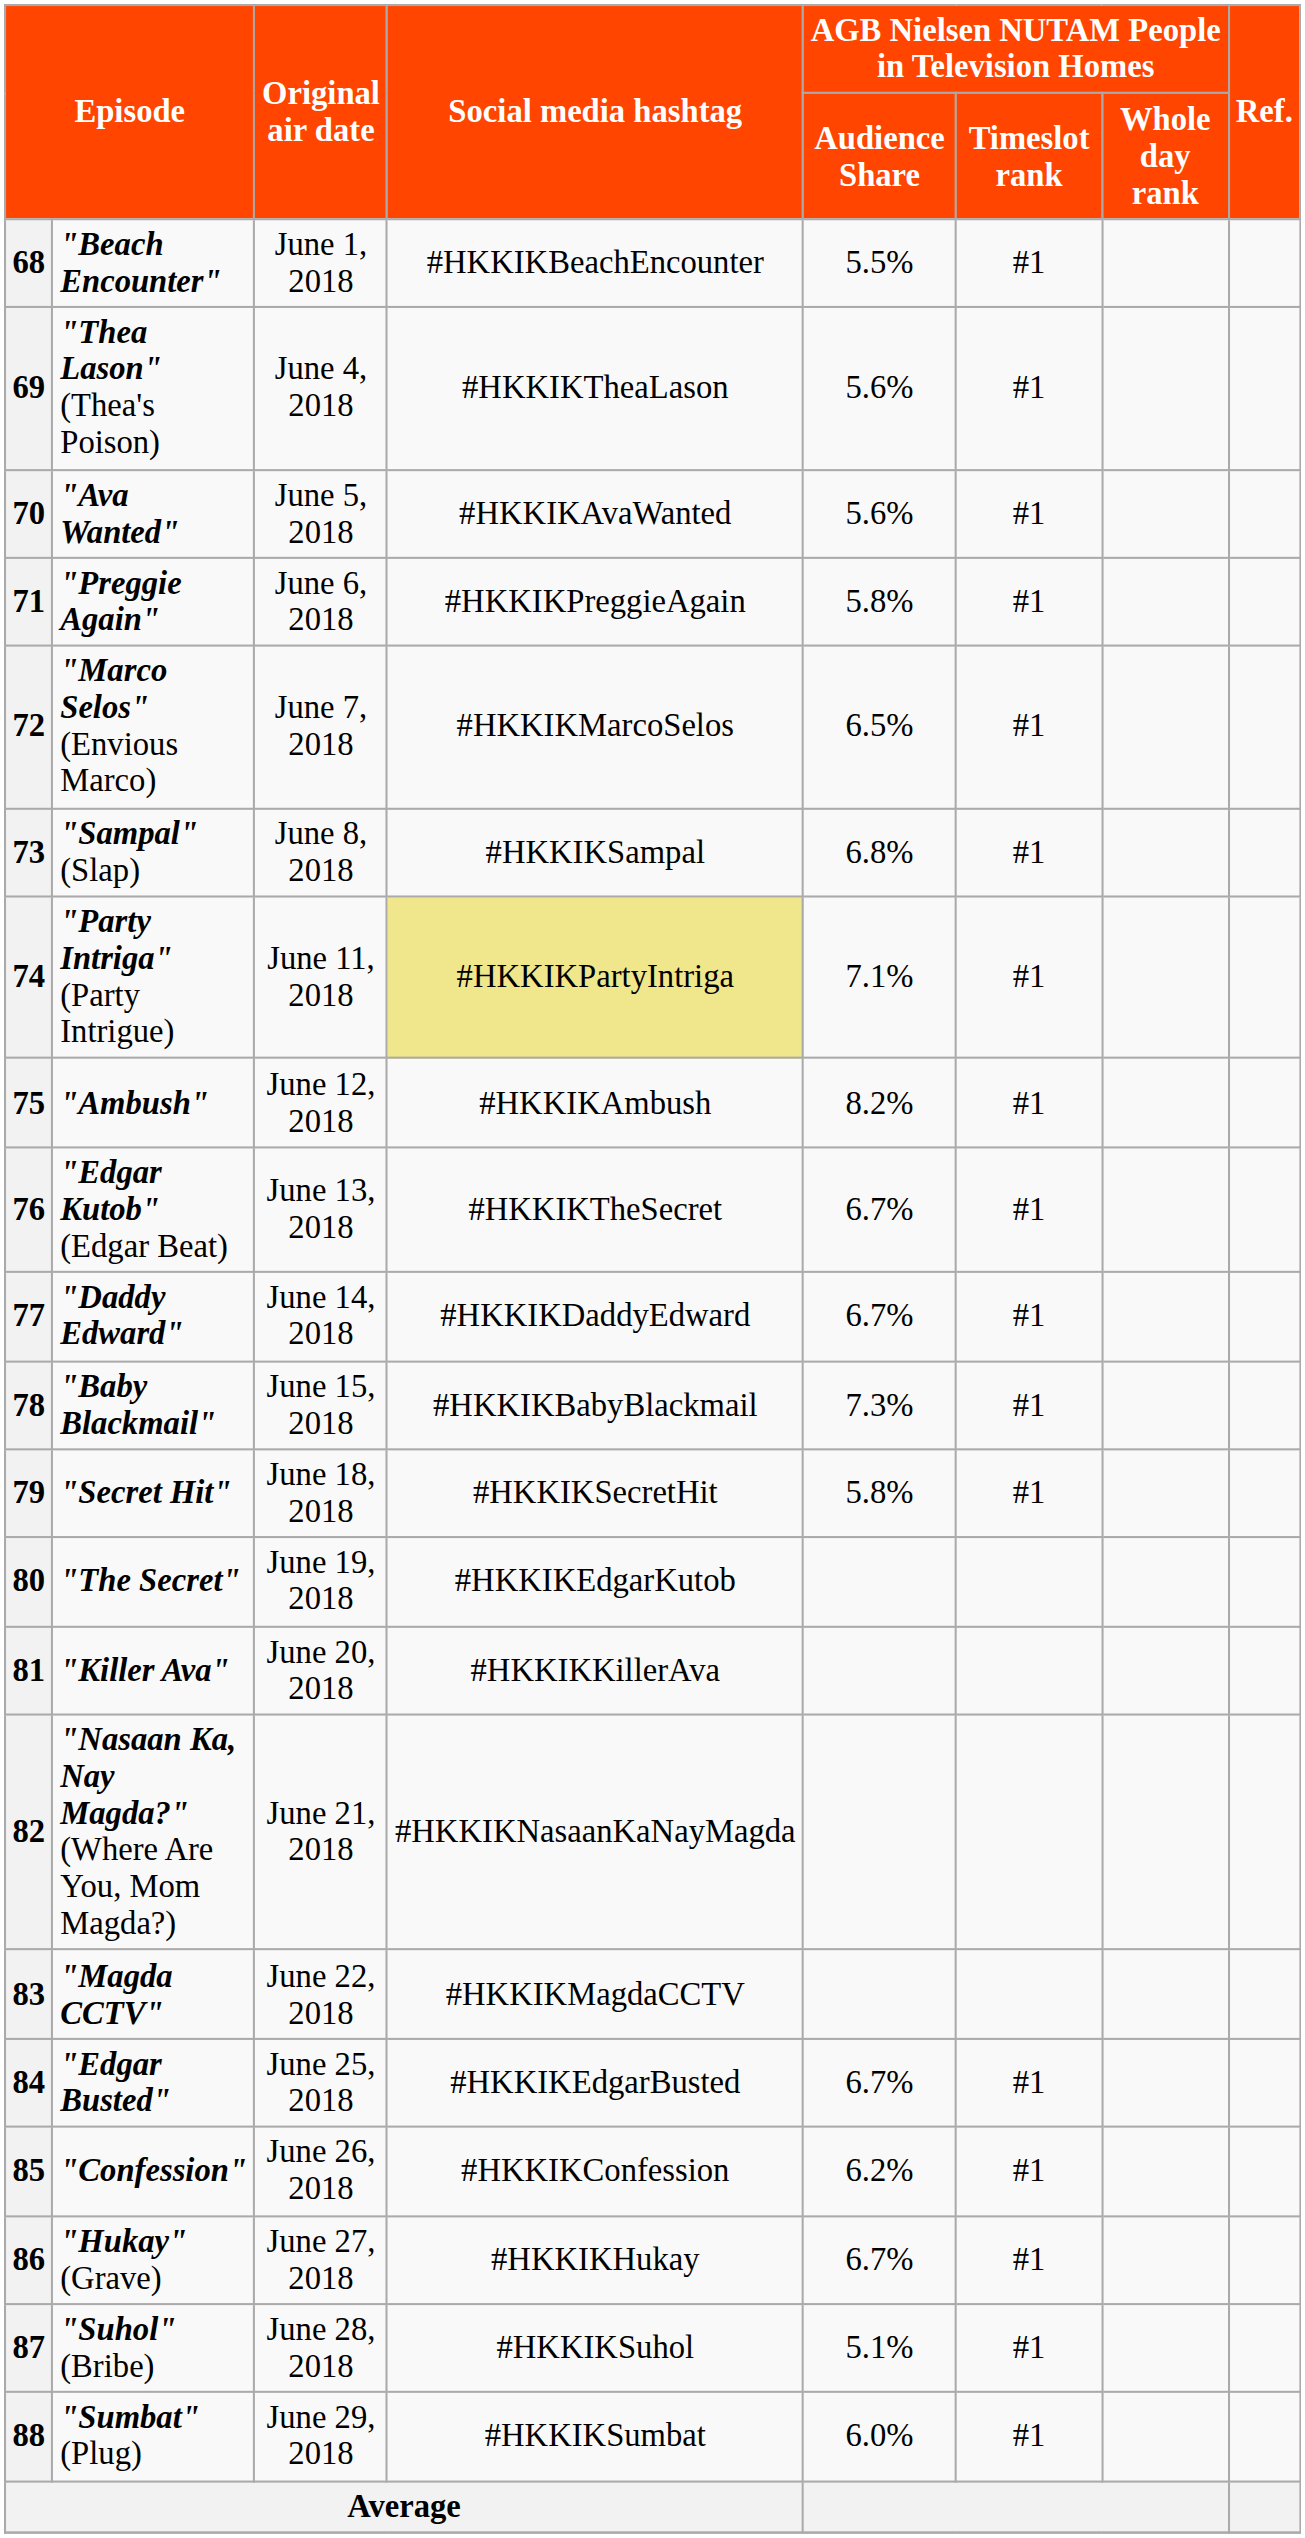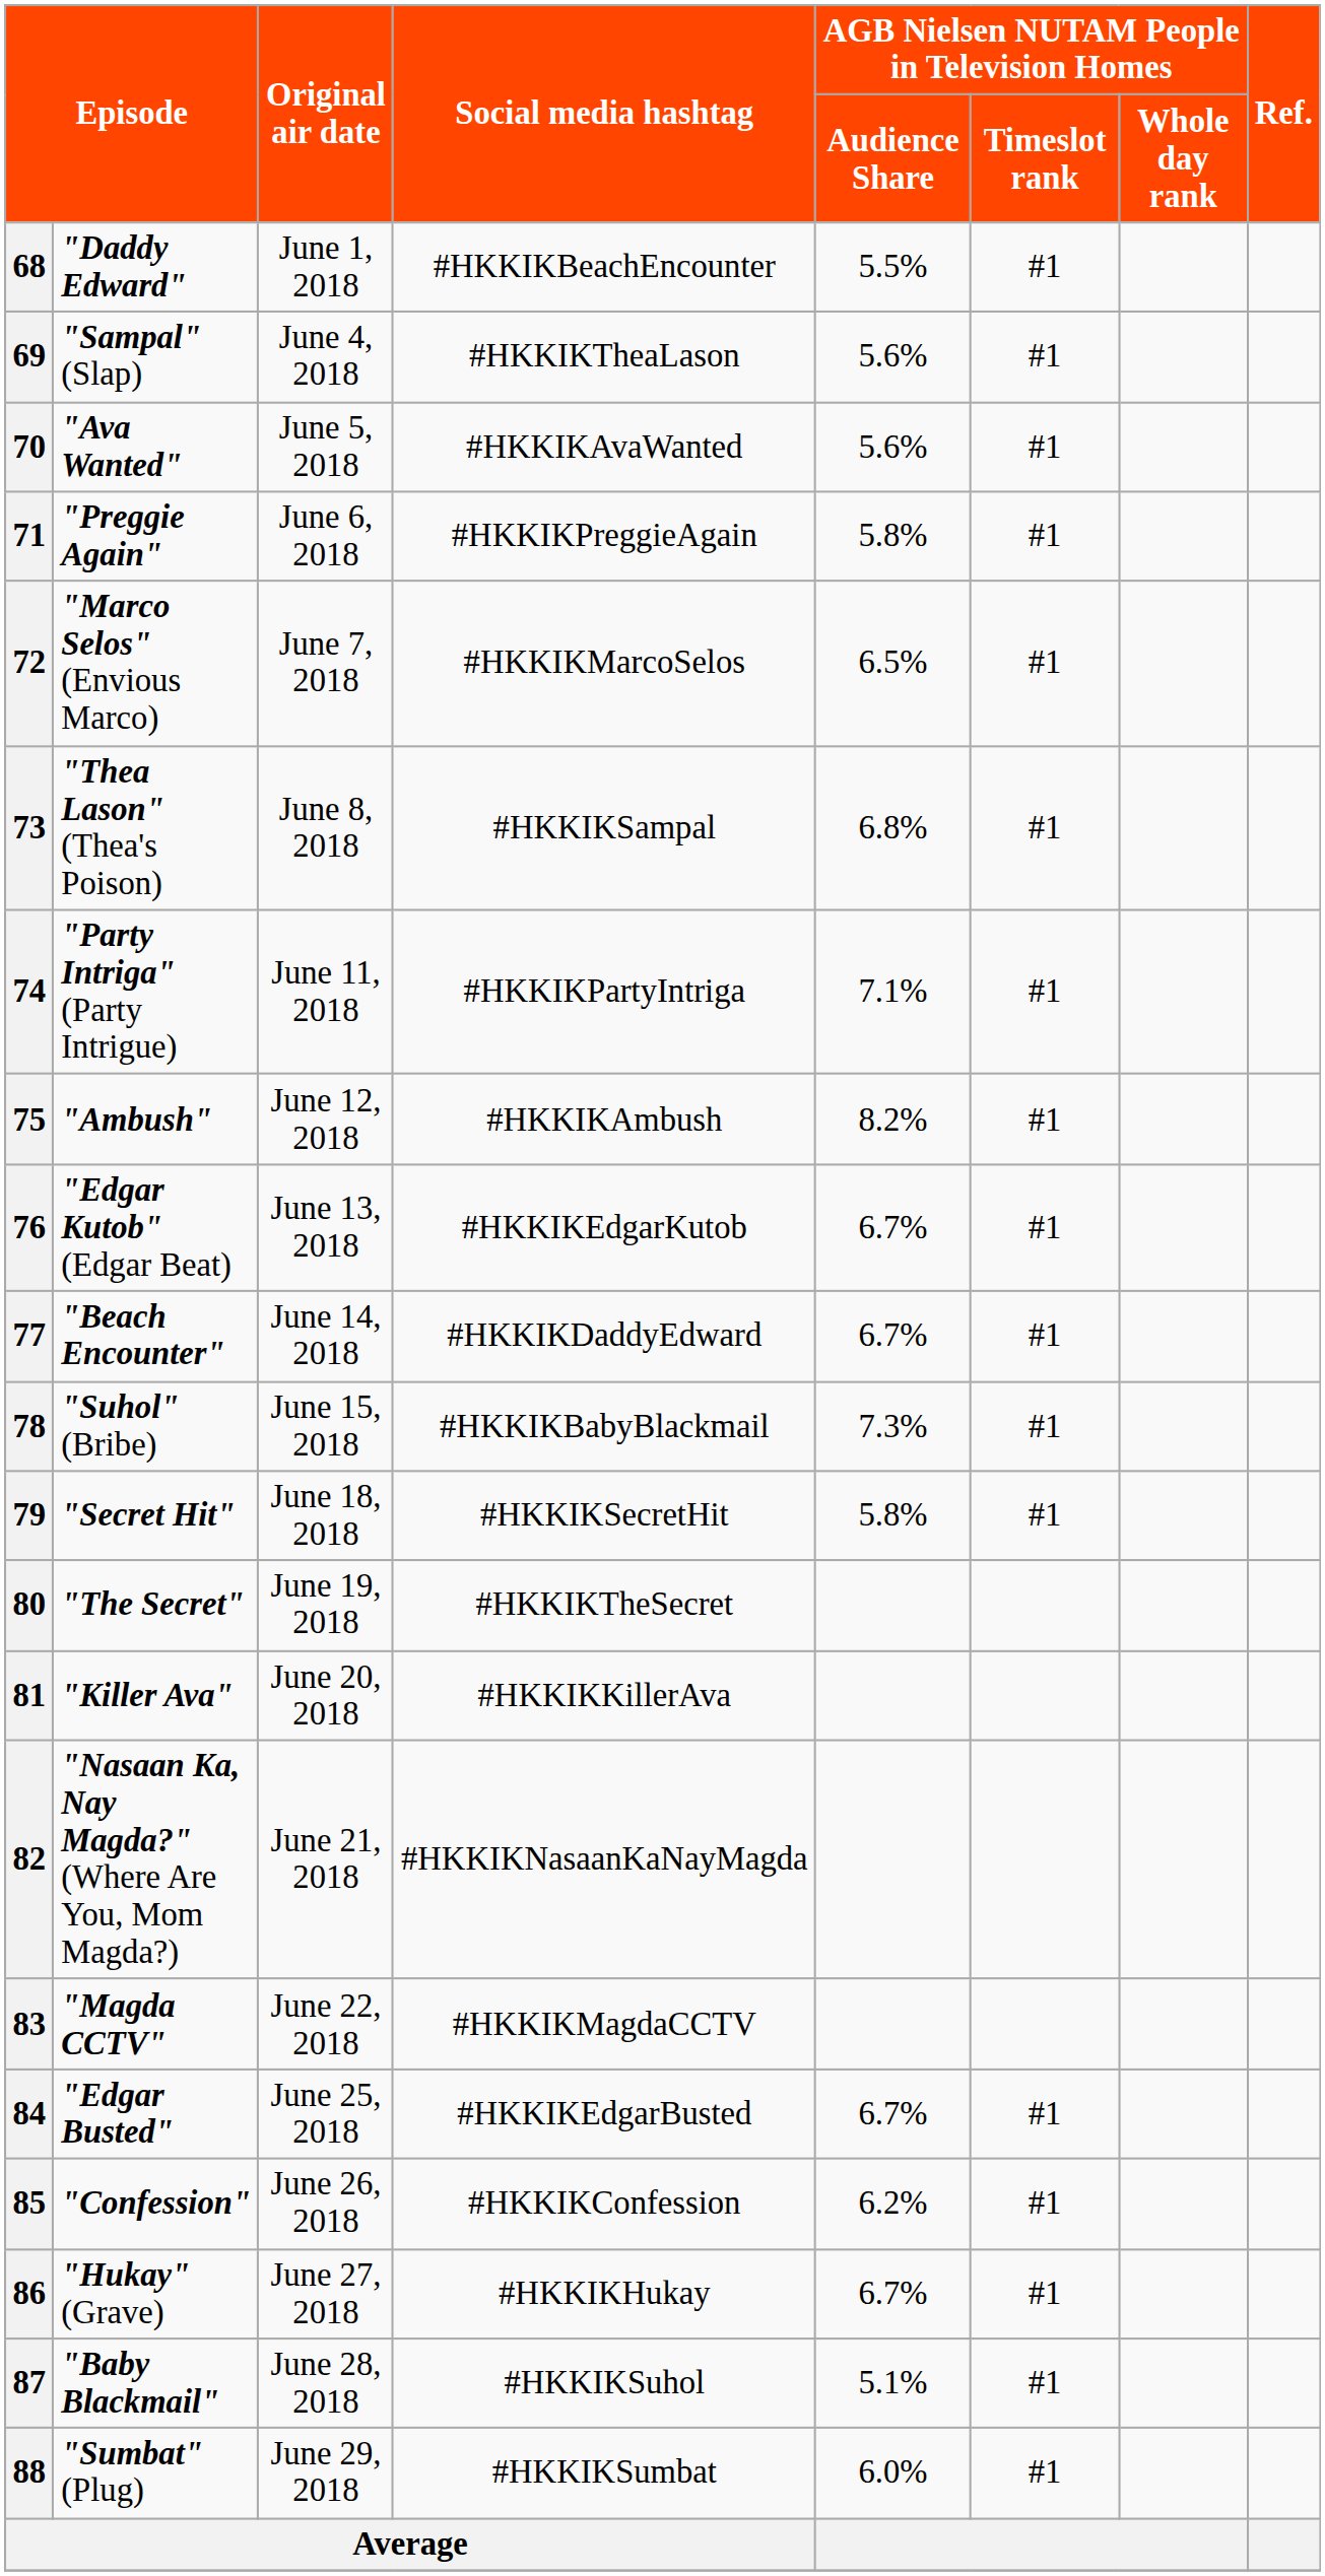 <table class="wikitable" style="text-align:center; font-size:100%; line-height:18px;" width="100%">
 <tr>
 <th style="background-color:#FF4500; color:#ffffff;" colspan="2" rowspan="2">Episode</th>
 <th style="background-color:#FF4500; color:white" rowspan="2">Original air date</th>
 <th style="background-color:#FF4500; color:white" rowspan="2">Social media hashtag</th>
 <th style="background-color:#FF4500; color:#ffffff;" colspan="3">AGB Nielsen NUTAM People in Television Homes</th>
 <th style="background-color:#FF4500; color:#ffffff;" rowspan="2">Ref.</th>
 </tr>
 <tr>
 <th style="background-color:#FF4500; width:75px; color:#ffffff;">Audience Share</th>
 <th style="background-color:#FF4500; width:75px; color:#ffffff;">Timeslot<br>rank</th>
 <th style="background-color:#FF4500; width:75px; color:#ffffff;">Whole day<br>rank</th>
 </tr>
 <tr>
 <th>68</th>
-<td style="text-align: left;"><strong><em>"Beach Encounter"</em></strong></td>
+<td style="text-align: left;"><strong><em>"Daddy Edward"</em></strong></td>
 <td>June 1, 2018</td>
 <td>#HKKIKBeachEncounter</td>
 <td>5.5%</td>
 <td>#1</td>
 <td></td>
 <td></td>
 </tr>
 <tr>
 <th>69</th>
-<td style="text-align: left;"><strong><em>"Thea Lason"</em></strong> (Thea's Poison)</td>
+<td style="text-align: left;"><strong><em>"Sampal"</em></strong> (Slap)</td>
 <td>June 4, 2018</td>
 <td>#HKKIKTheaLason</td>
 <td>5.6%</td>
 <td>#1</td>
 <td></td>
 <td></td>
 </tr>
 <tr>
 <th>70</th>
 <td style="text-align: left;"><strong><em>"Ava Wanted"</em></strong></td>
 <td>June 5, 2018</td>
 <td>#HKKIKAvaWanted</td>
 <td>5.6%</td>
 <td>#1</td>
 <td></td>
 <td></td>
 </tr>
 <tr>
 <th>71</th>
 <td style="text-align: left;"><strong><em>"Preggie Again"</em></strong></td>
 <td>June 6, 2018</td>
 <td>#HKKIKPreggieAgain</td>
 <td>5.8%</td>
 <td>#1</td>
 <td></td>
 <td></td>
 </tr>
 <tr>
 <th>72</th>
 <td style="text-align: left;"><strong><em>"Marco Selos"</em></strong> (Envious Marco)</td>
 <td>June 7, 2018</td>
 <td>#HKKIKMarcoSelos</td>
 <td>6.5%</td>
 <td>#1</td>
 <td></td>
 <td></td>
 </tr>
 <tr>
 <th>73</th>
-<td style="text-align: left;"><strong><em>"Sampal"</em></strong> (Slap)</td>
+<td style="text-align: left;"><strong><em>"Thea Lason"</em></strong> (Thea's Poison)</td>
 <td>June 8, 2018</td>
 <td>#HKKIKSampal</td>
 <td>6.8%</td>
 <td>#1</td>
 <td></td>
 <td></td>
 </tr>
 <tr>
 <th>74</th>
 <td style="text-align: left;"><strong><em>"Party Intriga"</em></strong> (Party Intrigue)</td>
 <td>June 11, 2018</td>
-<td style="background: khaki;">#HKKIKPartyIntriga</td>
+<td>#HKKIKPartyIntriga</td>
 <td>7.1%</td>
 <td>#1</td>
 <td></td>
 <td></td>
 </tr>
 <tr>
 <th>75</th>
 <td style="text-align: left;"><strong><em>"Ambush"</em></strong></td>
 <td>June 12, 2018</td>
 <td>#HKKIKAmbush</td>
 <td>8.2%</td>
 <td>#1</td>
 <td></td>
 <td></td>
 </tr>
 <tr>
 <th>76</th>
 <td style="text-align: left;"><strong><em>"Edgar Kutob"</em></strong> (Edgar Beat)</td>
 <td>June 13, 2018</td>
-<td>#HKKIKTheSecret</td>
+<td>#HKKIKEdgarKutob</td>
 <td>6.7%</td>
 <td>#1</td>
 <td></td>
 <td></td>
 </tr>
 <tr>
 <th>77</th>
-<td style="text-align: left;"><strong><em>"Daddy Edward"</em></strong></td>
+<td style="text-align: left;"><strong><em>"Beach Encounter"</em></strong></td>
 <td>June 14, 2018</td>
 <td>#HKKIKDaddyEdward</td>
 <td>6.7%</td>
 <td>#1</td>
 <td></td>
 <td></td>
 </tr>
 <tr>
 <th>78</th>
-<td style="text-align: left;"><strong><em>"Baby Blackmail"</em></strong></td>
+<td style="text-align: left;"><strong><em>"Suhol"</em></strong> (Bribe)</td>
 <td>June 15, 2018</td>
 <td>#HKKIKBabyBlackmail</td>
 <td>7.3%</td>
 <td>#1</td>
 <td></td>
 <td></td>
 </tr>
 <tr>
 <th>79</th>
 <td style="text-align: left;"><strong><em>"Secret Hit"</em></strong></td>
 <td>June 18, 2018</td>
 <td>#HKKIKSecretHit</td>
 <td>5.8%</td>
 <td>#1</td>
 <td></td>
 <td></td>
 </tr>
 <tr>
 <th>80</th>
 <td style="text-align: left;"><strong><em>"The Secret"</em></strong></td>
 <td>June 19, 2018</td>
-<td>#HKKIKEdgarKutob</td>
+<td>#HKKIKTheSecret</td>
 <td></td>
 <td></td>
 <td></td>
 <td></td>
 </tr>
 <tr>
 <th>81</th>
 <td style="text-align: left;"><strong><em>"Killer Ava"</em></strong></td>
 <td>June 20, 2018</td>
 <td>#HKKIKKillerAva</td>
 <td></td>
 <td></td>
 <td></td>
 <td></td>
 </tr>
 <tr>
 <th>82</th>
 <td style="text-align: left;"><strong><em>"Nasaan Ka, Nay Magda?"</em></strong> (Where Are You, Mom Magda?)</td>
 <td>June 21, 2018</td>
 <td>#HKKIKNasaanKaNayMagda</td>
 <td></td>
 <td></td>
 <td></td>
 <td></td>
 </tr>
 <tr>
 <th>83</th>
 <td style="text-align: left;"><strong><em>"Magda CCTV"</em></strong></td>
 <td>June 22, 2018</td>
 <td>#HKKIKMagdaCCTV</td>
 <td></td>
 <td></td>
 <td></td>
 <td></td>
 </tr>
 <tr>
 <th>84</th>
 <td style="text-align: left;"><strong><em>"Edgar Busted"</em></strong></td>
 <td>June 25, 2018</td>
 <td>#HKKIKEdgarBusted</td>
 <td>6.7%</td>
 <td>#1</td>
 <td></td>
 <td></td>
 </tr>
 <tr>
 <th>85</th>
 <td style="text-align: left;"><strong><em>"Confession"</em></strong></td>
 <td>June 26, 2018</td>
 <td>#HKKIKConfession</td>
 <td>6.2%</td>
 <td>#1</td>
 <td></td>
 <td></td>
 </tr>
 <tr>
 <th>86</th>
 <td style="text-align: left;"><strong><em>"Hukay"</em></strong> (Grave)</td>
 <td>June 27, 2018</td>
 <td>#HKKIKHukay</td>
 <td>6.7%</td>
 <td>#1</td>
 <td></td>
 <td></td>
 </tr>
 <tr>
 <th>87</th>
-<td style="text-align: left;"><strong><em>"Suhol"</em></strong> (Bribe)</td>
+<td style="text-align: left;"><strong><em>"Baby Blackmail"</em></strong></td>
 <td>June 28, 2018</td>
 <td>#HKKIKSuhol</td>
 <td>5.1%</td>
 <td>#1</td>
 <td></td>
 <td></td>
 </tr>
 <tr>
 <th>88</th>
 <td style="text-align: left;"><strong><em>"Sumbat"</em></strong> (Plug)</td>
 <td>June 29, 2018</td>
 <td>#HKKIKSumbat</td>
 <td>6.0%</td>
 <td>#1</td>
 <td></td>
 <td></td>
 </tr>
 <tr>
 <th colspan="4">Average</th>
 <th colspan="3"></th>
 <th></th>
 </tr>
 <tr>
 </tr>
 </table>
